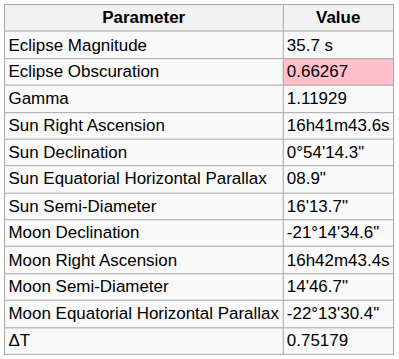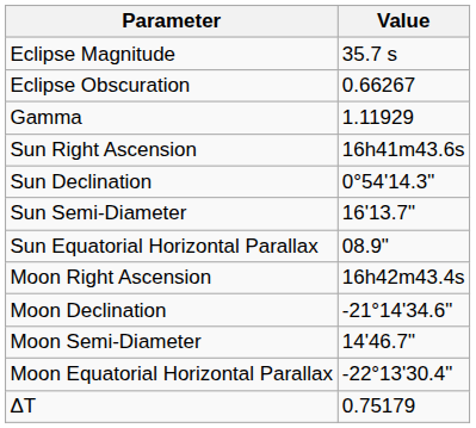 <table class="wikitable">
 <tr>
 <th>Parameter</th>
 <th>Value</th>
 </tr>
 <tr>
 <td>Eclipse Magnitude</td>
 <td>35.7 s</td>
 </tr>
 <tr>
 <td>Eclipse Obscuration</td>
-<td style="background: pink;">0.66267</td>
+<td>0.66267</td>
 </tr>
 <tr>
 <td>Gamma</td>
 <td>1.11929</td>
 </tr>
 <tr>
 <td>Sun Right Ascension</td>
 <td>16h41m43.6s</td>
 </tr>
 <tr>
 <td>Sun Declination</td>
 <td>0°54'14.3"</td>
 </tr>
 <tr>
+<td>Sun Semi-Diameter</td>
+<td>16'13.7"</td>
+</tr>
+<tr>
 <td>Sun Equatorial Horizontal Parallax</td>
 <td>08.9"</td>
 </tr>
 <tr>
-<td>Sun Semi-Diameter</td>
-<td>16'13.7"</td>
+<td>Moon Right Ascension</td>
+<td>16h42m43.4s</td>
 </tr>
 <tr>
 <td>Moon Declination</td>
 <td>-21°14'34.6"</td>
-</tr>
-<tr>
-<td>Moon Right Ascension</td>
-<td>16h42m43.4s</td>
 </tr>
 <tr>
 <td>Moon Semi-Diameter</td>
 <td>14'46.7"</td>
 </tr>
 <tr>
 <td>Moon Equatorial Horizontal Parallax</td>
 <td>-22°13'30.4"</td>
 </tr>
 <tr>
 <td>ΔT</td>
 <td>0.75179</td>
 </tr>
 </table>
